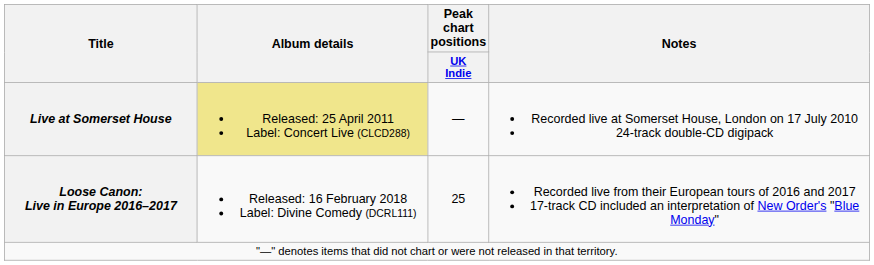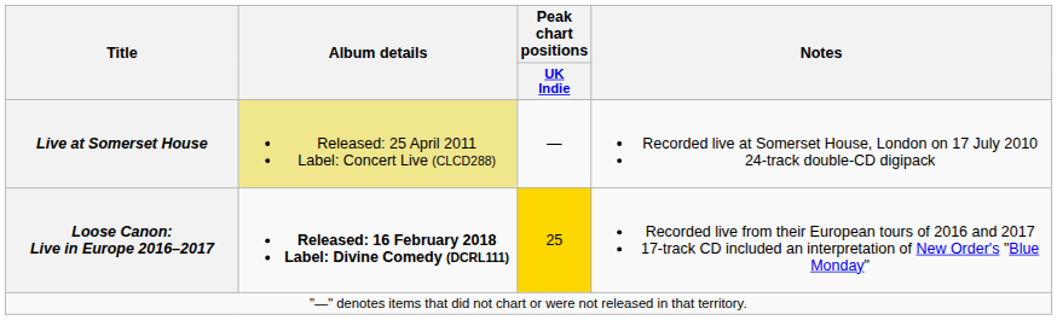 <table class="wikitable plainrowheaders" style="text-align:center;">
 <tr>
 <th scope="col" rowspan="2" style="width:15em;">Title</th>
 <th scope="col" rowspan="2" style="width:18em;">Album details</th>
 <th scope="col" colspan="1">Peak chart positions</th>
 <th scope="col" rowspan="2" style="width:30em;">Notes</th>
 </tr>
 <tr>
 <th style="width:2em;font-size:90%;"><a href='#'>UK<br>Indie</a><br></th>
 </tr>
 <tr>
 <th scope="row"><em>Live at Somerset House</em></th>
 <td style="background: khaki;"><br><ul><li>Released: 25 April 2011</li><li>Label: Concert Live <small>(CLCD288)</small></li></ul></td>
 <td>—</td>
 <td><br><ul><li>Recorded live at Somerset House, London on 17 July 2010</li><li>24-track double-CD digipack</li></ul></td>
 </tr>
 <tr>
 <th scope="row"><em>Loose Canon: <br>Live in Europe 2016–2017</em></th>
-<td><br><ul><li>Released: 16 February 2018</li><li>Label: Divine Comedy <small>(DCRL111)</small></li></ul></td>
-<td>25</td>
+<td><strong><br><ul><li>Released: 16 February 2018</li><li>Label: Divine Comedy <small>(DCRL111)</small></li></ul></strong></td>
+<td style="background: gold;">25</td>
 <td><br><ul><li>Recorded live from their European tours of 2016 and 2017</li><li>17-track CD included an interpretation of <a href='#'>New Order's</a> "<a href='#'>Blue Monday</a>"</li></ul></td>
 </tr>
 <tr>
 <td align="center" colspan="15" style="font-size:90%">"—" denotes items that did not chart or were not released in that territory.</td>
 </tr>
 </table>
